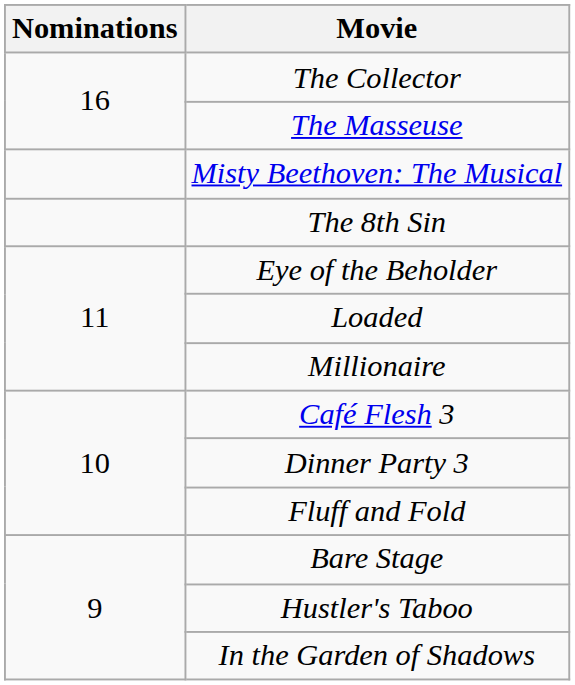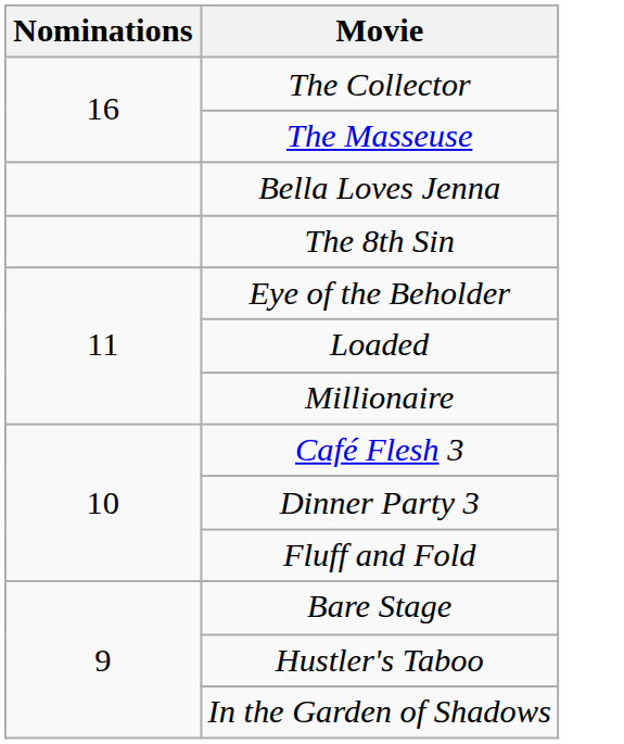 <table class="wikitable" style="text-align:center;">
 <tr>
 <th scope="col" width="55">Nominations</th>
 <th scope="col" align="center">Movie</th>
 </tr>
 <tr>
 <td rowspan=2 style="text-align:center">16</td>
 <td><em>The Collector</em></td>
 </tr>
 <tr>
 <td><em><a href='#'>The Masseuse</a></em></td>
 </tr>
 <tr>
 <td></td>
-<td><em><a href='#'>Misty Beethoven: The Musical</a></em></td>
+<td><em>Bella Loves Jenna</em></td>
 </tr>
 <tr>
 <td></td>
 <td><em>The 8th Sin</em></td>
 </tr>
 <tr>
 <td rowspan=3 style="text-align:center">11</td>
 <td><em>Eye of the Beholder</em></td>
 </tr>
 <tr>
 <td><em>Loaded</em></td>
 </tr>
 <tr>
 <td><em>Millionaire</em></td>
 </tr>
 <tr>
 <td rowspan=3 style="text-align:center">10</td>
 <td><em><a href='#'>Café Flesh</a> 3</em></td>
 </tr>
 <tr>
 <td><em>Dinner Party 3</em></td>
 </tr>
 <tr>
 <td><em>Fluff and Fold</em></td>
 </tr>
 <tr>
 <td rowspan=3 style="text-align:center">9</td>
 <td><em>Bare Stage</em></td>
 </tr>
 <tr>
 <td><em>Hustler's Taboo</em></td>
 </tr>
 <tr>
 <td><em>In the Garden of Shadows</em></td>
 </tr>
 </table>
